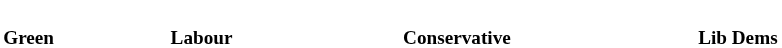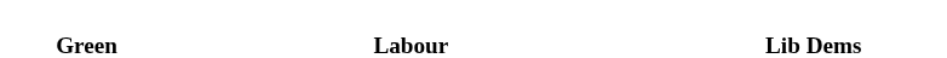 <table style="width:60%; text-align:center;">
 <tr style="color:white">
 <td style="background:"><strong>24</strong></td>
 <td style="background:"><strong>24</strong></td>
-<td style="background:"><strong>14</strong></td>
 <td style="background:"><strong>8</strong></td>
 </tr>
 <tr>
 <td><span><strong>Green</strong></span></td>
 <td><span><strong>Labour</strong></span></td>
-<td><span><strong>Conservative</strong></span></td>
 <td><span><strong>Lib Dems</strong></span></td>
 </tr>
 </table>
